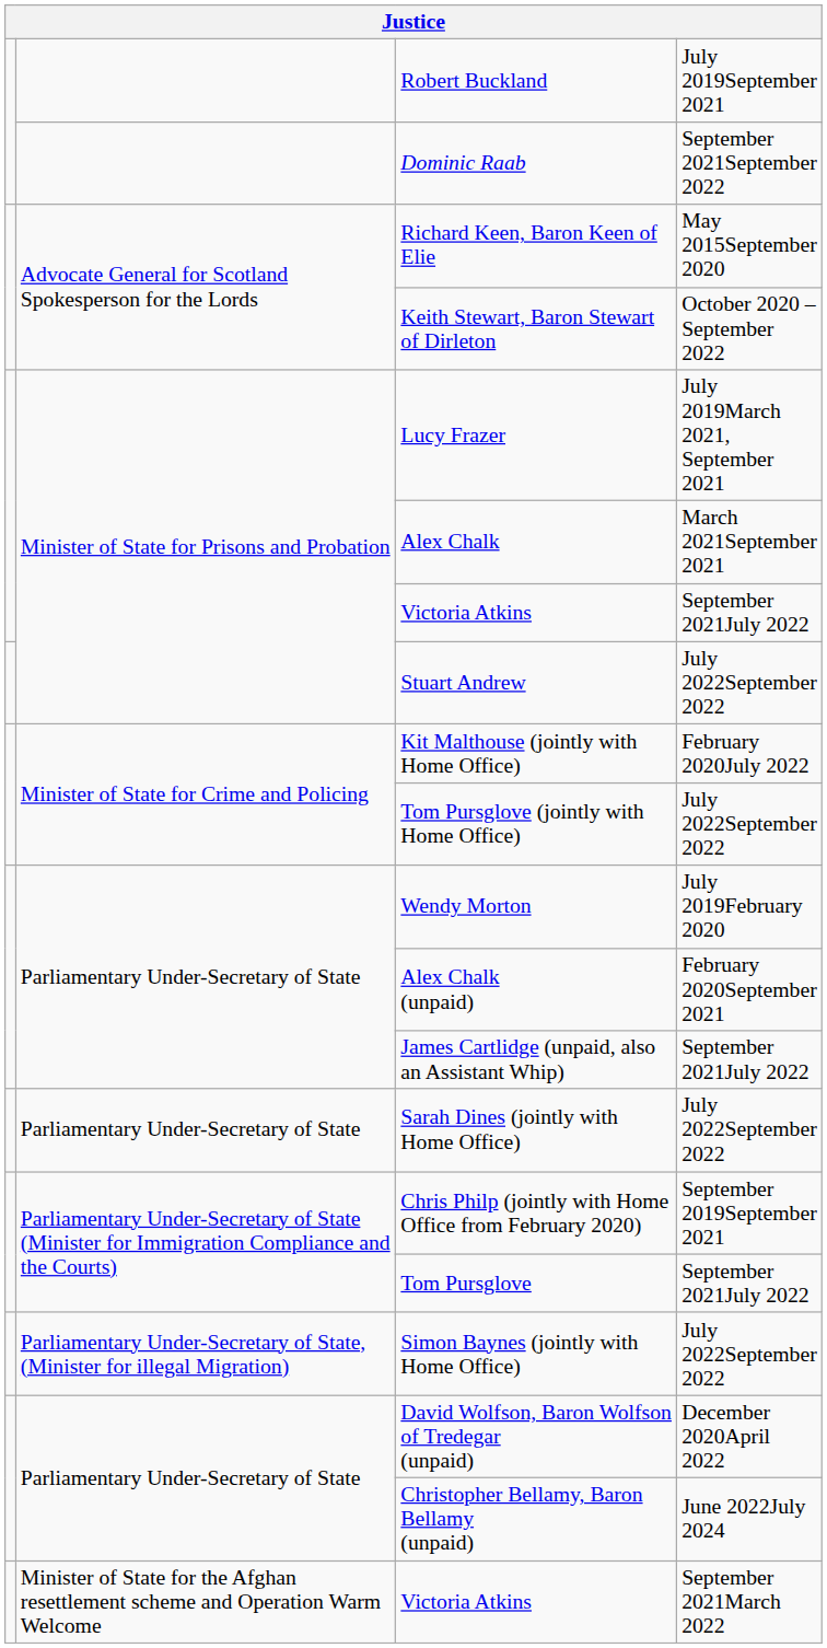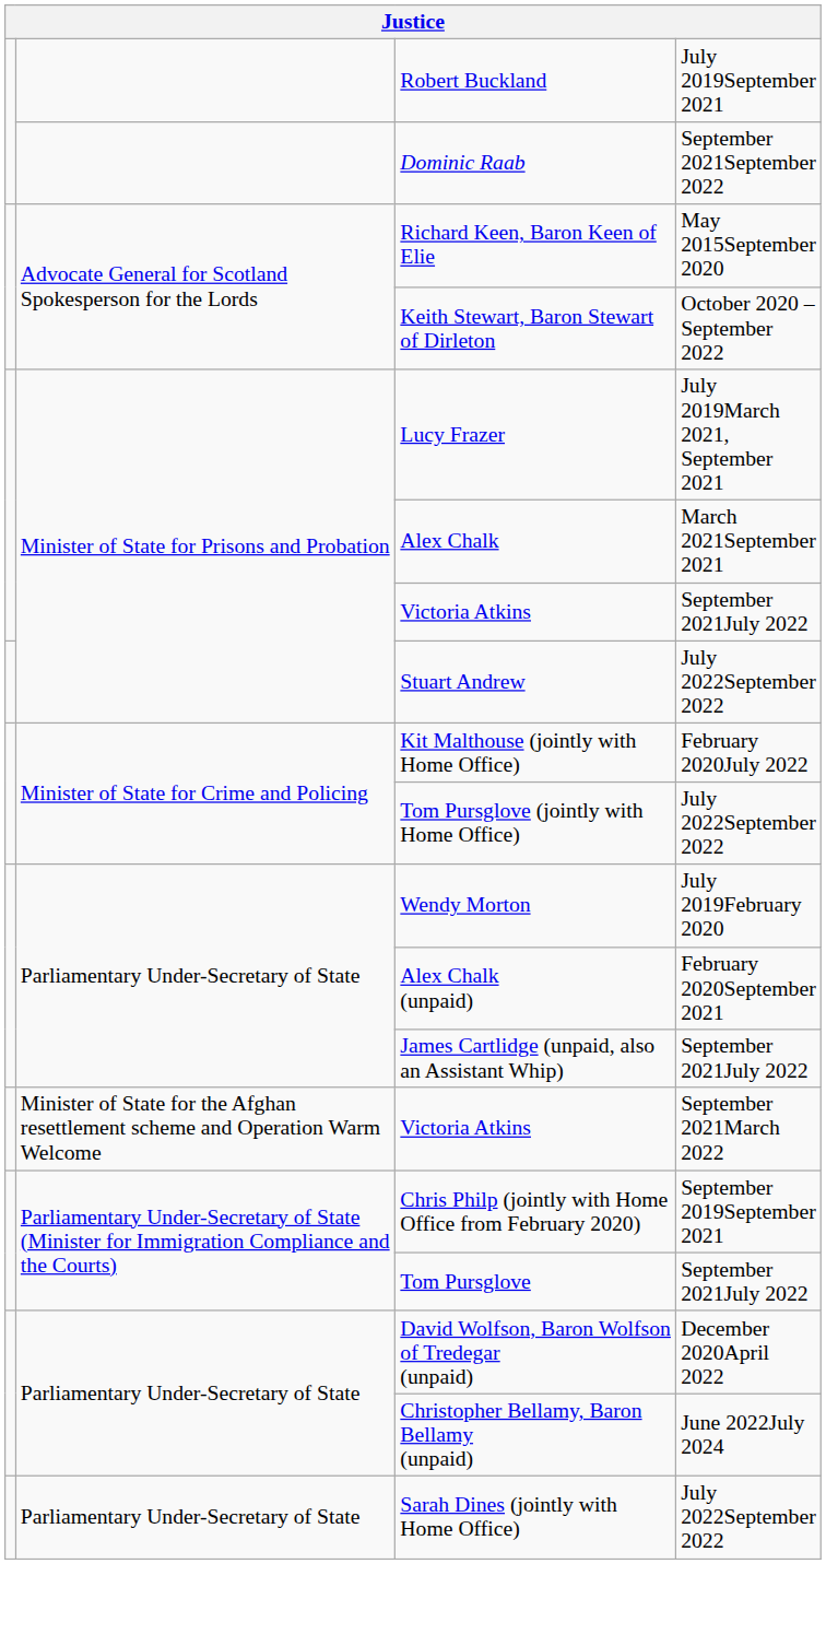 <table class="wikitable">
 <tr>
 <th colspan="4"><a href='#'>Justice</a></th>
 </tr>
 <tr>
 <td rowspan="3" style="width: 1px; background: "></td>
 <td rowspan="2" style="width: 450px;"></td>
 <td><a href='#'>Robert Buckland</a></td>
 <td>July 2019September 2021</td>
 </tr>
 <tr>
 <td rowspan="2"><em><a href='#'>Dominic Raab</a><strong></td>
 <td rowspan="2">September 2021September 2022</td>
 </tr>
 <tr>
 <td style="width: 450px;"></td>
 </tr>
 <tr>
 <td rowspan="2" style="width: 1px; background: "></td>
 <td rowspan="2"><a href='#'>Advocate General for Scotland</a><br>Spokesperson for the Lords</td>
 <td><a href='#'>Richard Keen, Baron Keen of Elie</a></td>
 <td>May 2015September 2020</td>
 </tr>
 <tr>
 <td><a href='#'>Keith Stewart, Baron Stewart of Dirleton</a></td>
 <td>October 2020 – September 2022</td>
 </tr>
 <tr>
 <td rowspan=3 style="width: 1px; background: "></td>
 <td rowspan="4" style="width: 450px;"><a href='#'>Minister of State for Prisons and Probation</a></td>
 <td style="width: 320px;"><a href='#'>Lucy Frazer</a></td>
 <td>July 2019March 2021, September 2021</td>
 </tr>
 <tr>
 <td style="Width: 320px;"><a href='#'>Alex Chalk</a></td>
 <td>March 2021September 2021</td>
 </tr>
 <tr>
 <td style="width: 320px;"><a href='#'>Victoria Atkins</a></td>
 <td>September 2021July 2022</td>
 </tr>
 <tr>
 <td style="width: 1px; background: "></td>
 <td><a href='#'>Stuart Andrew</a></td>
 <td>July 2022September 2022</td>
 </tr>
 <tr>
 <td rowspan=2 style="width: 1px; background: "></td>
 <td rowspan=2><a href='#'>Minister of State for Crime and Policing</a></td>
 <td><a href='#'>Kit Malthouse</a> (jointly with Home Office)</td>
 <td>February 2020July 2022<br></td>
 </tr>
 <tr>
 <td><a href='#'>Tom Pursglove</a>  (jointly with Home Office)</td>
 <td>July 2022September 2022</td>
 </tr>
 <tr>
 <td rowspan=3 style="width: 1px; background: "></td>
 <td rowspan=3>Parliamentary Under-Secretary of State</td>
 <td><a href='#'>Wendy Morton</a></td>
 <td>July 2019February 2020</td>
 </tr>
 <tr>
 <td><a href='#'>Alex Chalk</a> <br>(unpaid)</td>
 <td>February 2020September 2021</td>
 </tr>
 <tr>
 <td><a href='#'>James Cartlidge</a> (unpaid, also an Assistant Whip)</td>
 <td>September 2021July 2022</td>
 </tr>
 <tr>
 <td style="width: 1px; background: "></td>
-<td>Parliamentary Under-Secretary of State</td>
-<td><a href='#'>Sarah Dines</a> (jointly with Home Office)</td>
-<td>July 2022September 2022</td>
+<td>Minister of State for the Afghan resettlement scheme and Operation Warm Welcome</td>
+<td><a href='#'>Victoria Atkins</a> </td>
+<td>September 2021March 2022</td>
 </tr>
 <tr>
 <td rowspan=2 style="width: 1px; background: "></td>
 <td rowspan=2><a href='#'>Parliamentary Under-Secretary of State (Minister for Immigration Compliance and the Courts)</a></td>
 <td><a href='#'>Chris Philp</a> (jointly with Home Office from February 2020)</td>
 <td>September 2019September 2021</td>
 </tr>
 <tr>
 <td><a href='#'>Tom Pursglove</a></td>
 <td>September 2021July 2022</td>
-</tr>
-<tr>
-<td style="width: 1px; background: "></td>
-<td><a href='#'>Parliamentary Under-Secretary of State, (Minister for illegal Migration)</a></td>
-<td><a href='#'>Simon Baynes</a> (jointly with Home Office)</td>
-<td>July 2022September 2022</td>
 </tr>
 <tr>
 <td rowspan=2 style="width: 1px; background: "></td>
 <td rowspan=2>Parliamentary Under-Secretary of State</td>
 <td><a href='#'>David Wolfson, Baron Wolfson of Tredegar</a><br>(unpaid)</td>
 <td>December 2020April 2022</td>
 </tr>
 <tr>
 <td><a href='#'>Christopher Bellamy, Baron Bellamy</a> <br>(unpaid)</td>
 <td>June 2022July 2024</td>
 </tr>
 <tr>
 <td style="width: 1px; background: "></td>
-<td>Minister of State for the Afghan resettlement scheme and Operation Warm Welcome</td>
-<td><a href='#'>Victoria Atkins</a> </td>
-<td>September 2021March 2022</td>
+<td>Parliamentary Under-Secretary of State</td>
+<td><a href='#'>Sarah Dines</a> (jointly with Home Office)</td>
+<td>July 2022September 2022</td>
 </tr>
 </table>
